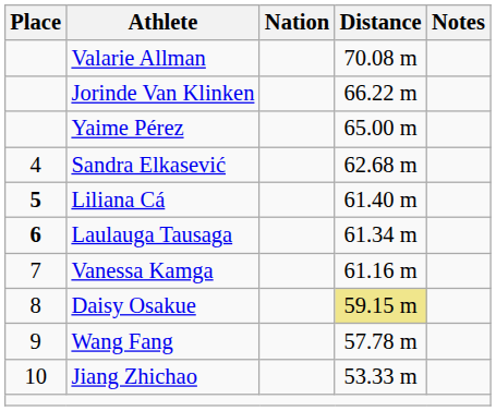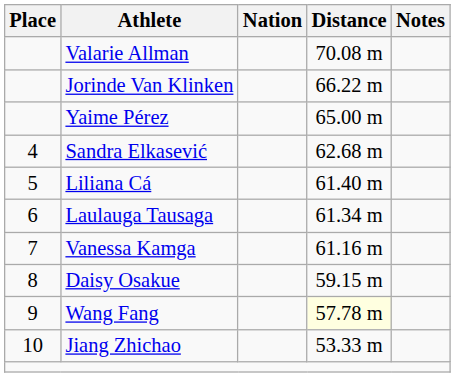 <table class="wikitable mw-datatable sortable" style="text-align:center;">
 <tr>
 <th scope="col">Place</th>
 <th scope="col">Athlete</th>
 <th scope="col">Nation</th>
 <th scope="col">Distance</th>
 <th scope="col">Notes</th>
 </tr>
 <tr>
 <td></td>
 <td align="left"><a href='#'>Valarie Allman</a></td>
 <td align="left"></td>
 <td>70.08 m</td>
 <td></td>
 </tr>
 <tr>
 <td></td>
 <td align="left"><a href='#'>Jorinde Van Klinken</a></td>
 <td align="left"></td>
 <td>66.22 m</td>
 <td></td>
 </tr>
 <tr>
 <td></td>
 <td align="left"><a href='#'>Yaime Pérez</a></td>
 <td align="left"></td>
 <td>65.00 m</td>
 <td></td>
 </tr>
 <tr>
 <td>4</td>
 <td align="left"><a href='#'>Sandra Elkasević</a></td>
 <td align="left"></td>
 <td>62.68 m</td>
 <td></td>
 </tr>
 <tr>
-<td><strong>5</strong></td>
+<td>5</td>
 <td align="left"><a href='#'>Liliana Cá</a></td>
 <td align="left"></td>
 <td>61.40 m</td>
 <td></td>
 </tr>
 <tr>
-<td><strong>6</strong></td>
+<td>6</td>
 <td align="left"><a href='#'>Laulauga Tausaga</a></td>
 <td align="left"></td>
 <td>61.34 m</td>
 <td></td>
 </tr>
 <tr>
 <td>7</td>
 <td align="left"><a href='#'>Vanessa Kamga</a></td>
 <td align="left"></td>
 <td>61.16 m</td>
 <td></td>
 </tr>
 <tr>
 <td>8</td>
 <td align="left"><a href='#'>Daisy Osakue</a></td>
 <td align="left"></td>
-<td style="background: khaki;">59.15 m</td>
+<td>59.15 m</td>
 <td></td>
 </tr>
 <tr>
 <td>9</td>
 <td align="left"><a href='#'>Wang Fang</a></td>
 <td align="left"></td>
-<td>57.78 m</td>
+<td style="background: lightyellow;">57.78 m</td>
 <td></td>
 </tr>
 <tr>
 <td>10</td>
 <td align="left"><a href='#'>Jiang Zhichao</a></td>
 <td align="left"></td>
 <td>53.33 m</td>
 <td></td>
 </tr>
 <tr class="sortbottom">
 <td colspan="5"></td>
 </tr>
 </table>
